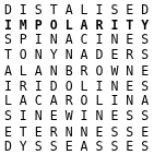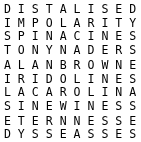 <table style="font-family: monospace; margin: 0 0 0 0; line-height:90%">
 <tr>
 <td style="padding-left: 2em;">D I S T A L I S E D</td>
 </tr>
 <tr>
-<td style="padding-left: 2em;"><strong>I M P O L A R I T Y</strong></td>
+<td style="padding-left: 2em;">I M P O L A R I T Y</td>
 </tr>
 <tr>
 <td style="padding-left: 2em;">S P I N A C I N E S</td>
 </tr>
 <tr>
 <td style="padding-left: 2em;">T O N Y N A D E R S</td>
 </tr>
 <tr>
 <td style="padding-left: 2em;">A L A N B R O W N E</td>
 </tr>
 <tr>
 <td style="padding-left: 2em;">I R I D O L I N E S</td>
 </tr>
 <tr>
 <td style="padding-left: 2em;">L A C A R O L I N A</td>
 </tr>
 <tr>
 <td style="padding-left: 2em;">S I N E W I N E S S</td>
 </tr>
 <tr>
 <td style="padding-left: 2em;">E T E R N N E S S E</td>
 </tr>
 <tr>
 <td style="padding-left: 2em;">D Y S S E A S S E S</td>
 </tr>
 </table>
